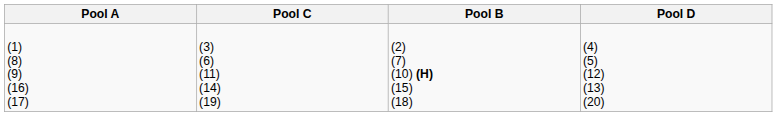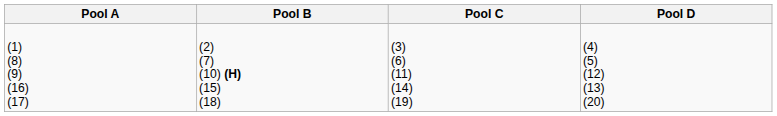 <table class="wikitable" width=80%>
 <tr>
 <th width=25%><strong>Pool A</strong></th>
+<th width=25%><strong>Pool B</strong></th>
 <th width=25%><strong>Pool C</strong></th>
-<th width=25%><strong>Pool B</strong></th>
 <th width=25%><strong>Pool D</strong></th>
 </tr>
 <tr>
 <td><br> (1) <br>  (8) <br>  (9) <br>  (16) <br>  (17) <br></td>
+<td><br> (2) <br>  (7) <br>   (10) <strong>(H)</strong><br>    (15) <br>  (18) <br></td>
 <td><br> (3) <br>   (6) <br>  (11) <br>   (14) <br>  (19) <br></td>
-<td><br> (2) <br>  (7) <br>   (10) <strong>(H)</strong><br>    (15) <br>  (18) <br></td>
 <td><br> (4) <br>  (5) <br>  (12) <br>  (13) <br>  (20) <br></td>
 </tr>
 </table>
